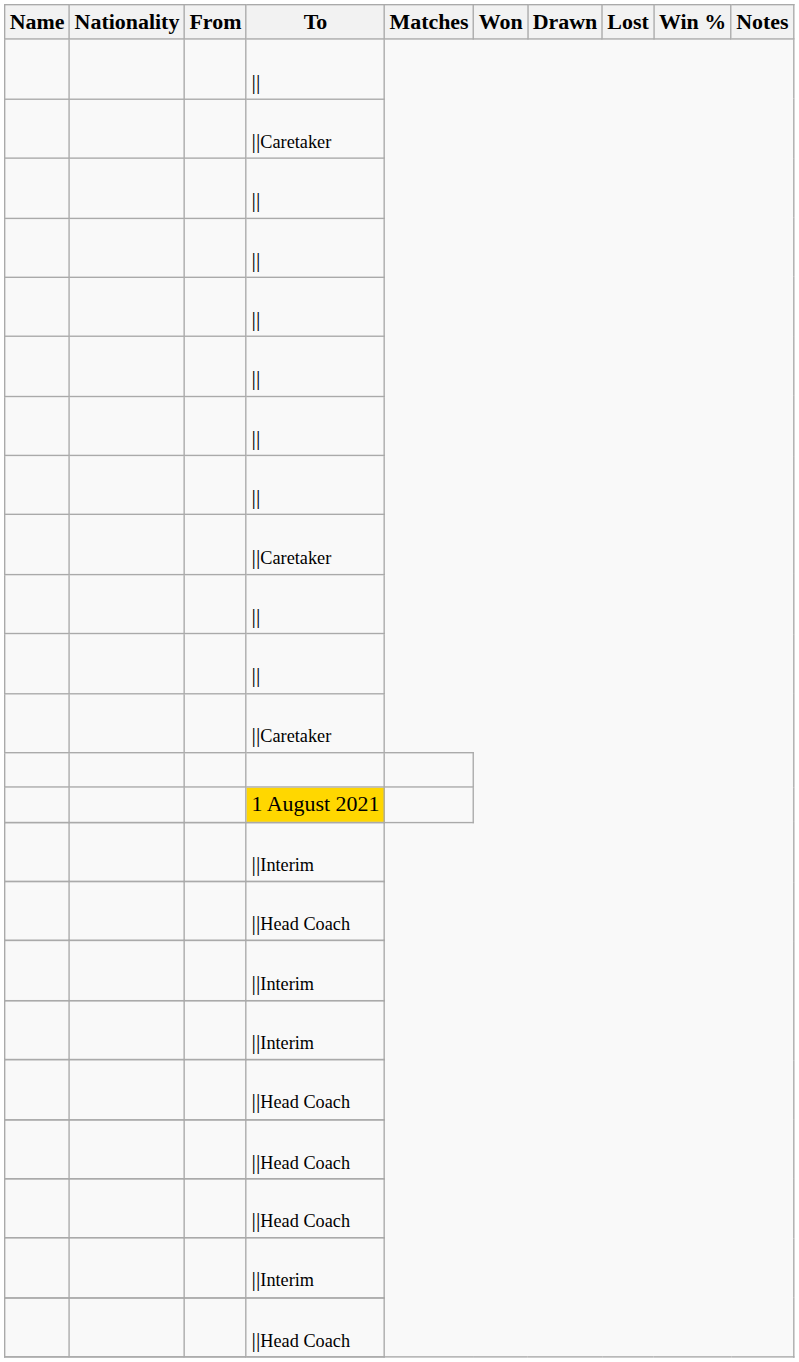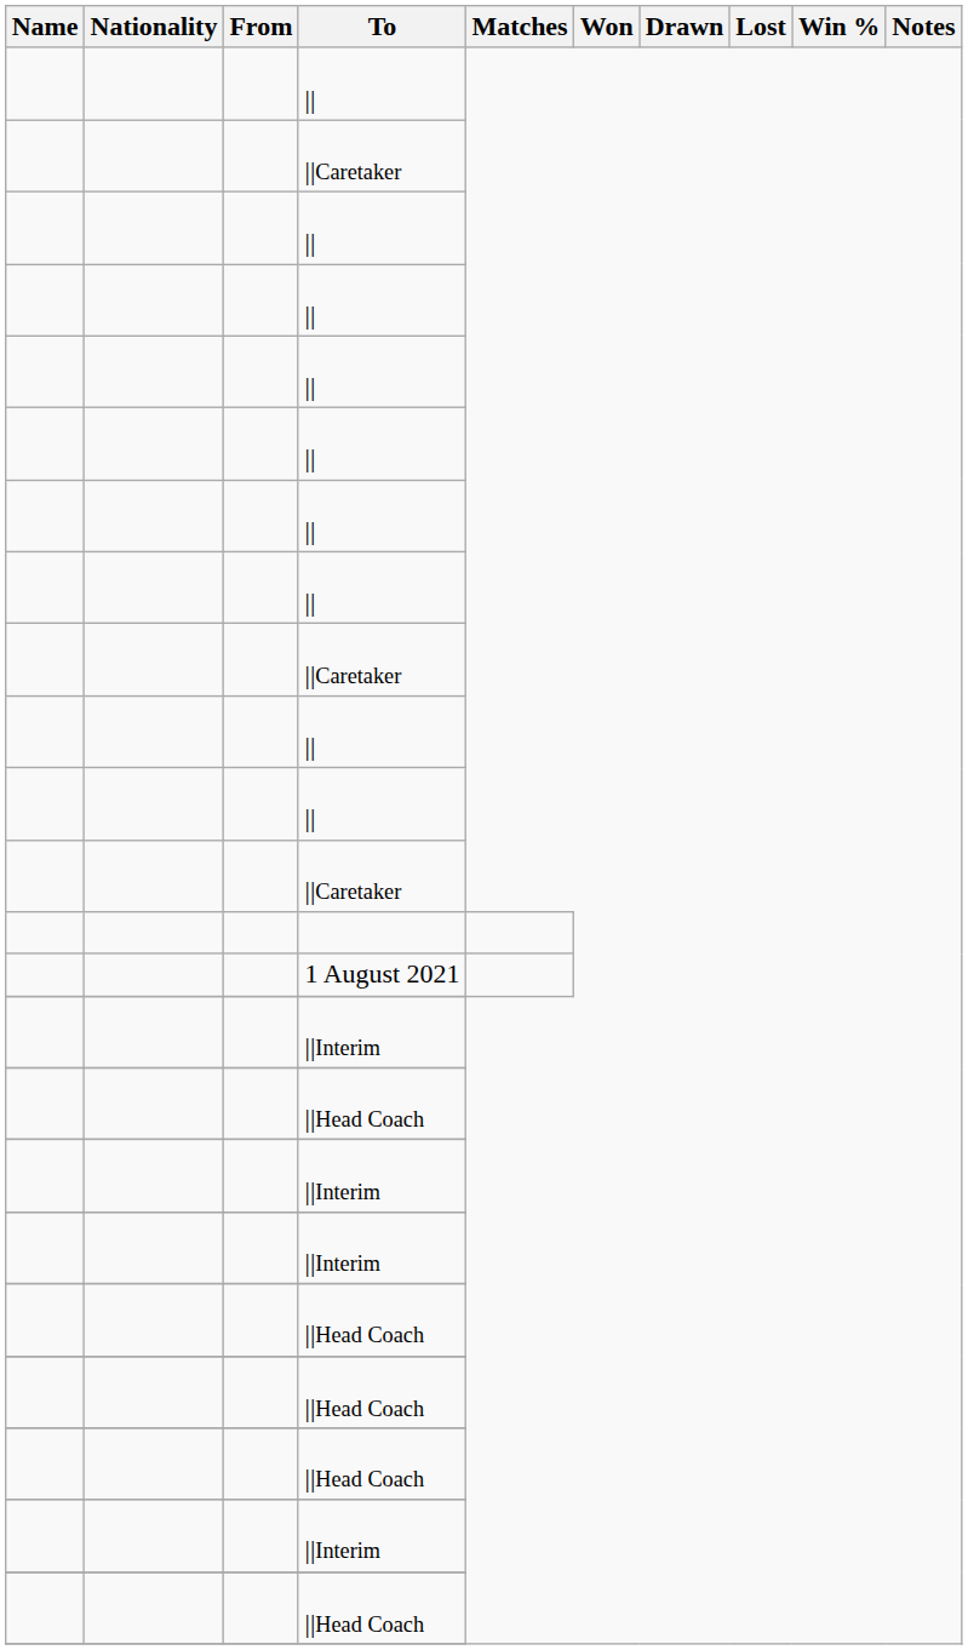 <table class="wikitable sortable" style="text-align: center">
 <tr>
 <th>Name</th>
 <th>Nationality</th>
 <th>From</th>
 <th class="unsortable">To</th>
 <th>Matches</th>
 <th>Won</th>
 <th>Drawn</th>
 <th>Lost</th>
 <th>Win %</th>
 <th class="unsortable">Notes</th>
 </tr>
 <tr>
 <td align=left></td>
 <td align=left></td>
 <td align=left></td>
 <td align=left><br>||</td>
 </tr>
 <tr>
 <td align=left></td>
 <td align=left></td>
 <td align=left></td>
 <td align=left><br>||<small>Caretaker</small></td>
 </tr>
 <tr>
 <td align=left></td>
 <td align=left></td>
 <td align=left></td>
 <td align=left><br>||</td>
 </tr>
 <tr>
 <td align=left></td>
 <td align=left></td>
 <td align=left></td>
 <td align=left><br>||</td>
 </tr>
 <tr>
 <td align=left></td>
 <td align=left></td>
 <td align=left></td>
 <td align=left><br>||</td>
 </tr>
 <tr>
 <td align=left></td>
 <td align=left></td>
 <td align=left></td>
 <td align=left><br>||</td>
 </tr>
 <tr>
 <td align=left></td>
 <td align=left></td>
 <td align=left></td>
 <td align=left><br>||</td>
 </tr>
 <tr>
 <td align=left></td>
 <td align=left></td>
 <td align=left></td>
 <td align=left><br>||</td>
 </tr>
 <tr>
 <td align=left></td>
 <td align=left></td>
 <td align=left></td>
 <td align=left><br>||<small>Caretaker</small></td>
 </tr>
 <tr>
 <td align=left></td>
 <td align=left></td>
 <td align=left></td>
 <td align=left><br>||</td>
 </tr>
 <tr>
 <td align=left></td>
 <td align=left></td>
 <td align=left></td>
 <td align=left><br>||</td>
 </tr>
 <tr>
 <td align=left></td>
 <td align=left></td>
 <td align=left></td>
 <td align=left><br>||<small>Caretaker</small></td>
 </tr>
 <tr>
 <td align=left></td>
 <td align=left></td>
 <td align=left></td>
 <td align=left><br></td>
 <td></td>
 </tr>
 <tr>
 <td align=left></td>
 <td align=left></td>
 <td align=left></td>
-<td align=left style="background: gold;">1 August 2021<br></td>
+<td align=left>1 August 2021<br></td>
 <td></td>
 </tr>
 <tr>
 </tr>
 <tr>
 <td align=left></td>
 <td align=left></td>
 <td align=left></td>
 <td align=left><br>||<small>Interim</small></td>
 </tr>
 <tr>
 </tr>
 <tr>
 <td align=left></td>
 <td align=left></td>
 <td align=left></td>
 <td align=left><br>||<small>Head Coach</small></td>
 </tr>
 <tr>
 </tr>
 <tr>
 <td align=left></td>
 <td align=left></td>
 <td align=left></td>
 <td align=left><br>||<small>Interim</small></td>
 </tr>
 <tr>
 </tr>
 <tr>
 <td align=left></td>
 <td align=left></td>
 <td align=left></td>
 <td align=left><br>||<small>Interim</small></td>
 </tr>
 <tr>
 </tr>
 <tr>
 <td align=left></td>
 <td align=left></td>
 <td align=left></td>
 <td align=left><br>||<small>Head Coach</small></td>
 </tr>
 <tr>
 </tr>
 <tr>
 <td align=left></td>
 <td align=left></td>
 <td align=left></td>
 <td align=left><br> ||<small>Head Coach</small></td>
 </tr>
 <tr>
 </tr>
 <tr>
 <td align=left></td>
 <td align=left></td>
 <td align=left></td>
 <td align=left><br>||<small>Head Coach</small></td>
 </tr>
 <tr>
 </tr>
 <tr>
 <td align=left></td>
 <td align=left></td>
 <td align=left></td>
 <td align=left><br>||<small>Interim</small></td>
 </tr>
 <tr>
 </tr>
 <tr>
 <td align=left></td>
 <td align=left></td>
 <td align=left></td>
 <td align=left><br>||<small>Head Coach</small></td>
 </tr>
 <tr>
 </tr>
 </table>
